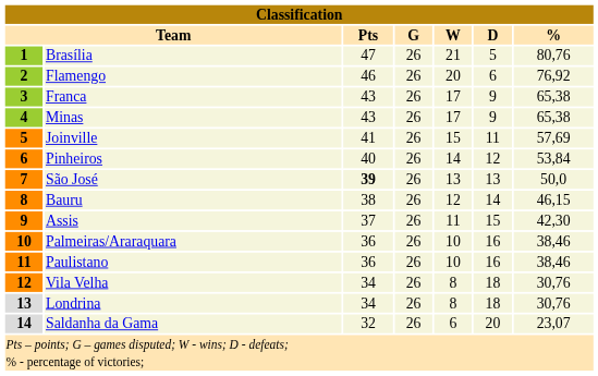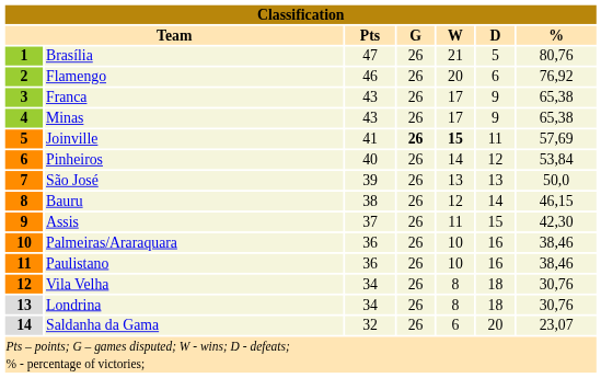 <table width=50%>
 <tr>
 <th colspan="8" bgcolor=#B8860B><span>Classification</span></th>
 </tr>
 <tr>
 <th colspan="2" bgcolor=#ffe5b4><span>Team</span></th>
 <th bgcolor=#ffe5b4 align="center"><span>Pts</span></th>
 <th bgcolor=#ffe5b4 align="center"><span>G</span></th>
 <th bgcolor=#ffe5b4 align="center"><span>W</span></th>
 <th bgcolor=#ffe5b4 align="center"><span>D</span></th>
 <th bgcolor=#ffe5b4 align="center"><span>%</span></th>
 </tr>
 <tr>
 <th bgcolor=#9ACD32 align="center"><span>1</span></th>
 <td bgcolor=#f5f5dc><a href='#'>Brasília</a></td>
 <td bgcolor=#f5f5dc align="center">47</td>
 <td bgcolor=#f5f5dc align="center">26</td>
 <td bgcolor=#f5f5dc align="center">21</td>
 <td bgcolor=#f5f5dc align="center">5</td>
 <td bgcolor=#f5f5dc align="center">80,76</td>
 </tr>
 <tr>
 <th bgcolor=#9ACD32 align="center"><span>2</span></th>
 <td bgcolor=#f5f5dc><a href='#'>Flamengo</a></td>
 <td bgcolor=#f5f5dc align="center">46</td>
 <td bgcolor=#f5f5dc align="center">26</td>
 <td bgcolor=#f5f5dc align="center">20</td>
 <td bgcolor=#f5f5dc align="center">6</td>
 <td bgcolor=#f5f5dc align="center">76,92</td>
 </tr>
 <tr>
 <th bgcolor=#9ACD32 align="center"><span>3</span></th>
 <td bgcolor=#f5f5dc><a href='#'>Franca</a></td>
 <td bgcolor=#f5f5dc align="center">43</td>
 <td bgcolor=#f5f5dc align="center">26</td>
 <td bgcolor=#f5f5dc align="center">17</td>
 <td bgcolor=#f5f5dc align="center">9</td>
 <td bgcolor=#f5f5dc align="center">65,38</td>
 </tr>
 <tr>
 <th bgcolor=#9ACD32 align="center"><span>4</span></th>
 <td bgcolor=#f5f5dc><a href='#'>Minas</a></td>
 <td bgcolor=#f5f5dc align="center">43</td>
 <td bgcolor=#f5f5dc align="center">26</td>
 <td bgcolor=#f5f5dc align="center">17</td>
 <td bgcolor=#f5f5dc align="center">9</td>
 <td bgcolor=#f5f5dc align="center">65,38</td>
 </tr>
 <tr>
 <th bgcolor=#FF8C00 align="center"><span>5</span></th>
 <td bgcolor=#f5f5dc><a href='#'>Joinville</a></td>
 <td bgcolor=#f5f5dc align="center">41</td>
-<td bgcolor=#f5f5dc align="center">26</td>
-<td bgcolor=#f5f5dc align="center">15</td>
+<td bgcolor=#f5f5dc align="center"><strong>26</strong></td>
+<td bgcolor=#f5f5dc align="center"><strong>15</strong></td>
 <td bgcolor=#f5f5dc align="center">11</td>
 <td bgcolor=#f5f5dc align="center">57,69</td>
 </tr>
 <tr>
 <th bgcolor=#FF8C00 align="center"><span>6</span></th>
 <td bgcolor=#f5f5dc><a href='#'>Pinheiros</a></td>
 <td bgcolor=#f5f5dc align="center">40</td>
 <td bgcolor=#f5f5dc align="center">26</td>
 <td bgcolor=#f5f5dc align="center">14</td>
 <td bgcolor=#f5f5dc align="center">12</td>
 <td bgcolor=#f5f5dc align="center">53,84</td>
 </tr>
 <tr>
 <th bgcolor=#FF8C00 align="center"><span>7</span></th>
 <td bgcolor=#f5f5dc><a href='#'>São José</a></td>
-<td bgcolor=#f5f5dc align="center"><strong>39</strong></td>
+<td bgcolor=#f5f5dc align="center">39</td>
 <td bgcolor=#f5f5dc align="center">26</td>
 <td bgcolor=#f5f5dc align="center">13</td>
 <td bgcolor=#f5f5dc align="center">13</td>
 <td bgcolor=#f5f5dc align="center">50,0</td>
 </tr>
 <tr>
 <th bgcolor=#FF8C00 align="center"><span>8</span></th>
 <td bgcolor=#f5f5dc><a href='#'>Bauru</a></td>
 <td bgcolor=#f5f5dc align="center">38</td>
 <td bgcolor=#f5f5dc align="center">26</td>
 <td bgcolor=#f5f5dc align="center">12</td>
 <td bgcolor=#f5f5dc align="center">14</td>
 <td bgcolor=#f5f5dc align="center">46,15</td>
 </tr>
 <tr>
 <th bgcolor=#FF8C00 align="center"><span>9</span></th>
 <td bgcolor=#f5f5dc><a href='#'>Assis</a></td>
 <td bgcolor=#f5f5dc align="center">37</td>
 <td bgcolor=#f5f5dc align="center">26</td>
 <td bgcolor=#f5f5dc align="center">11</td>
 <td bgcolor=#f5f5dc align="center">15</td>
 <td bgcolor=#f5f5dc align="center">42,30</td>
 </tr>
 <tr>
 <th bgcolor=#FF8C00 align="center"><span>10</span></th>
 <td bgcolor=#f5f5dc><a href='#'>Palmeiras/Araraquara</a></td>
 <td bgcolor=#f5f5dc align="center">36</td>
 <td bgcolor=#f5f5dc align="center">26</td>
 <td bgcolor=#f5f5dc align="center">10</td>
 <td bgcolor=#f5f5dc align="center">16</td>
 <td bgcolor=#f5f5dc align="center">38,46</td>
 </tr>
 <tr>
 <th bgcolor=#FF8C00 align="center"><span>11</span></th>
 <td bgcolor=#f5f5dc><a href='#'>Paulistano</a></td>
 <td bgcolor=#f5f5dc align="center">36</td>
 <td bgcolor=#f5f5dc align="center">26</td>
 <td bgcolor=#f5f5dc align="center">10</td>
 <td bgcolor=#f5f5dc align="center">16</td>
 <td bgcolor=#f5f5dc align="center">38,46</td>
 </tr>
 <tr>
 <th bgcolor=#FF8C00 align="center"><span>12</span></th>
 <td bgcolor=#f5f5dc><a href='#'>Vila Velha</a></td>
 <td bgcolor=#f5f5dc align="center">34</td>
 <td bgcolor=#f5f5dc align="center">26</td>
 <td bgcolor=#f5f5dc align="center">8</td>
 <td bgcolor=#f5f5dc align="center">18</td>
 <td bgcolor=#f5f5dc align="center">30,76</td>
 </tr>
 <tr>
 <th bgcolor=#DCDCDC align="center"><span>13</span></th>
 <td bgcolor=#f5f5dc><a href='#'>Londrina</a></td>
 <td bgcolor=#f5f5dc align="center">34</td>
 <td bgcolor=#f5f5dc align="center">26</td>
 <td bgcolor=#f5f5dc align="center">8</td>
 <td bgcolor=#f5f5dc align="center">18</td>
 <td bgcolor=#f5f5dc align="center">30,76</td>
 </tr>
 <tr>
 <th bgcolor=#DCDCDC align="center"><span>14</span></th>
 <td bgcolor=#f5f5dc><a href='#'>Saldanha da Gama</a></td>
 <td bgcolor=#f5f5dc align="center">32</td>
 <td bgcolor=#f5f5dc align="center">26</td>
 <td bgcolor=#f5f5dc align="center">6</td>
 <td bgcolor=#f5f5dc align="center">20</td>
 <td bgcolor=#f5f5dc align="center">23,07</td>
 </tr>
 <tr bgcolor=#ffe5b4 align="left"| >
 <td colspan="11"><em><small>Pts – points; G – games disputed; W - wins; D - defeats;</small><br> </em><small>% - percentage of victories;</small></td>
 </tr>
 </table>
